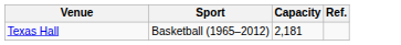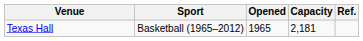 <table class="wikitable sortable"; style= "text-align: ">
 <tr>
 <th width=200px>Venue</th>
 <th width=px>Sport</th>
+<th width=px>Opened</th>
 <th width=px>Capacity</th>
 <th width=px>Ref.</th>
 </tr>
 <tr>
 <td><a href='#'>Texas Hall</a></td>
 <td>Basketball (1965–2012) </td>
+<td>1965</td>
 <td>2,181</td>
 <td></td>
 </tr>
 </table>
